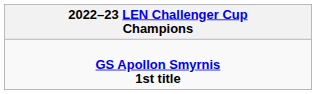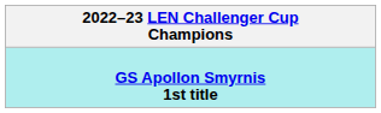 <table class="wikitable" style="margin: 0 auto; width: 30%;">
 <tr>
 <th>2022–23 <a href='#'>LEN Challenger Cup</a><br>Champions</th>
 </tr>
 <tr>
-<td align="center"><br><strong><a href='#'>GS Apollon Smyrnis</a></strong><br><strong>1st title</strong></td>
+<td align="center" style="background: paleturquoise;"><br><strong><a href='#'>GS Apollon Smyrnis</a></strong><br><strong>1st title</strong></td>
 </tr>
 </table>
